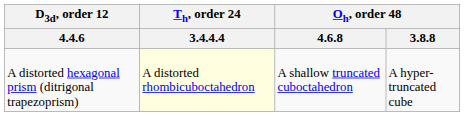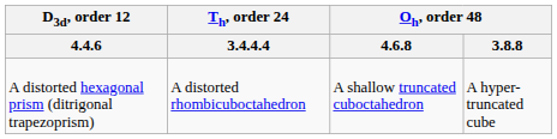 <table class=wikitable width=570>
 <tr>
 <th>D<sub>3d</sub>, order 12</th>
 <th><a href='#'>T<sub>h</sub></a>, order 24</th>
 <th colspan=2><a href='#'>O<sub>h</sub></a>, order 48</th>
 </tr>
 <tr valign=top>
 <th>4.4.6</th>
 <th>3.4.4.4</th>
 <th>4.6.8</th>
 <th>3.8.8</th>
 </tr>
 <tr valign=top>
 <td><br>A distorted <a href='#'>hexagonal prism</a> (ditrigonal trapezoprism)</td>
-<td style="background: lightyellow;"><br>A distorted <a href='#'>rhombicuboctahedron</a></td>
+<td><br>A distorted <a href='#'>rhombicuboctahedron</a></td>
 <td><br>A shallow <a href='#'>truncated cuboctahedron</a></td>
 <td><br>A hyper-truncated cube</td>
 </tr>
 </table>
